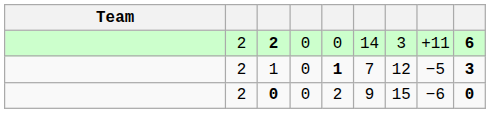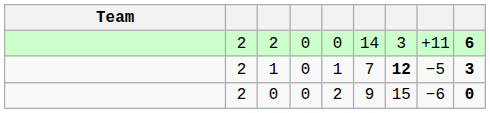 <table class="wikitable" style="text-align: center;">
 <tr>
 <th width="175">Team</th>
 <th width="20"></th>
 <th width="20"></th>
 <th width="20"></th>
 <th width="20"></th>
 <th width="20"></th>
 <th width="20"></th>
 <th width="20"></th>
 <th width="20"></th>
 </tr>
 <tr align=center style="background:#ccffcc;">
 <td style="text-align:left;"></td>
 <td>2</td>
-<td><strong>2</strong></td>
+<td>2</td>
 <td>0</td>
 <td>0</td>
 <td>14</td>
 <td>3</td>
 <td>+11</td>
 <td><strong>6</strong></td>
 </tr>
 <tr align=center style="background:">
 <td style="text-align:left;"></td>
 <td>2</td>
 <td>1</td>
 <td>0</td>
-<td><strong>1</strong></td>
+<td>1</td>
 <td>7</td>
-<td>12</td>
+<td><strong>12</strong></td>
 <td>−5</td>
 <td><strong>3</strong></td>
 </tr>
 <tr align=center style="background:">
 <td style="text-align:left;"></td>
 <td>2</td>
-<td><strong>0</strong></td>
+<td>0</td>
 <td>0</td>
 <td>2</td>
 <td>9</td>
 <td>15</td>
 <td>−6</td>
 <td><strong>0</strong></td>
 </tr>
 </table>
